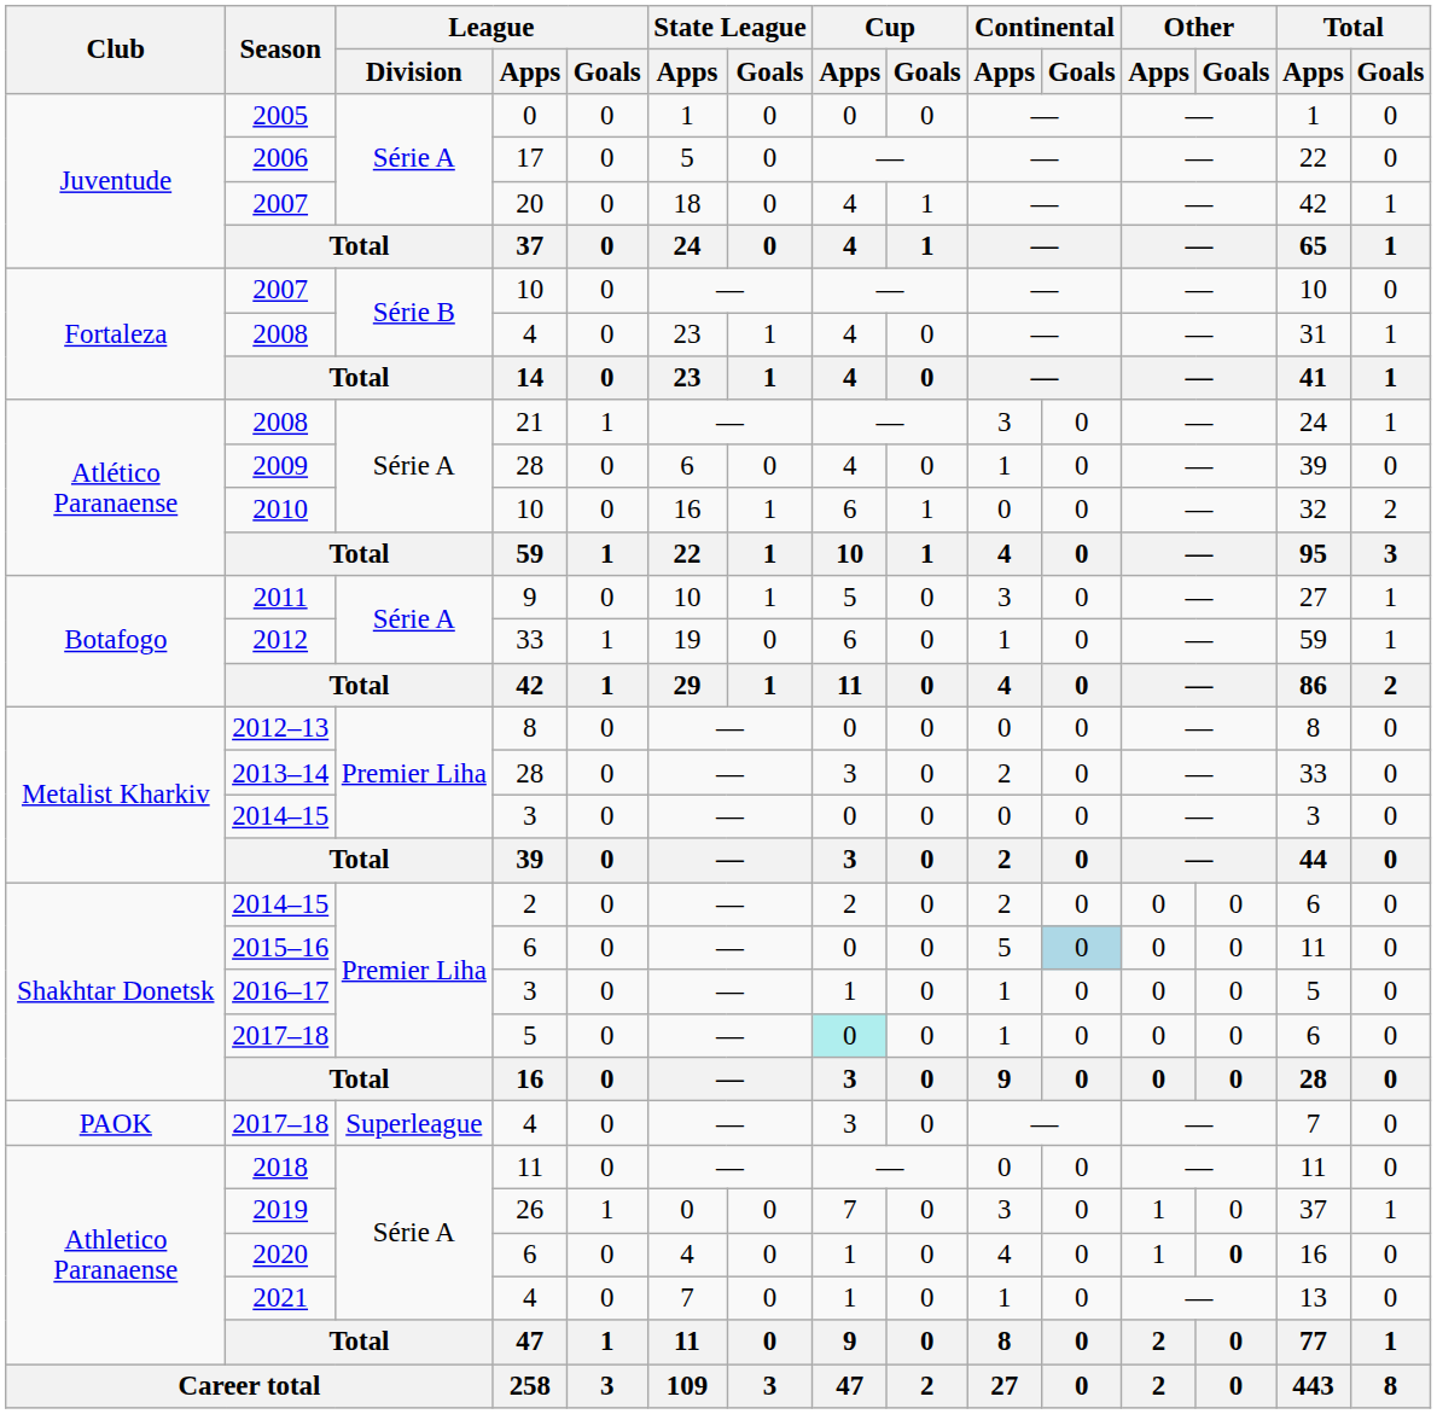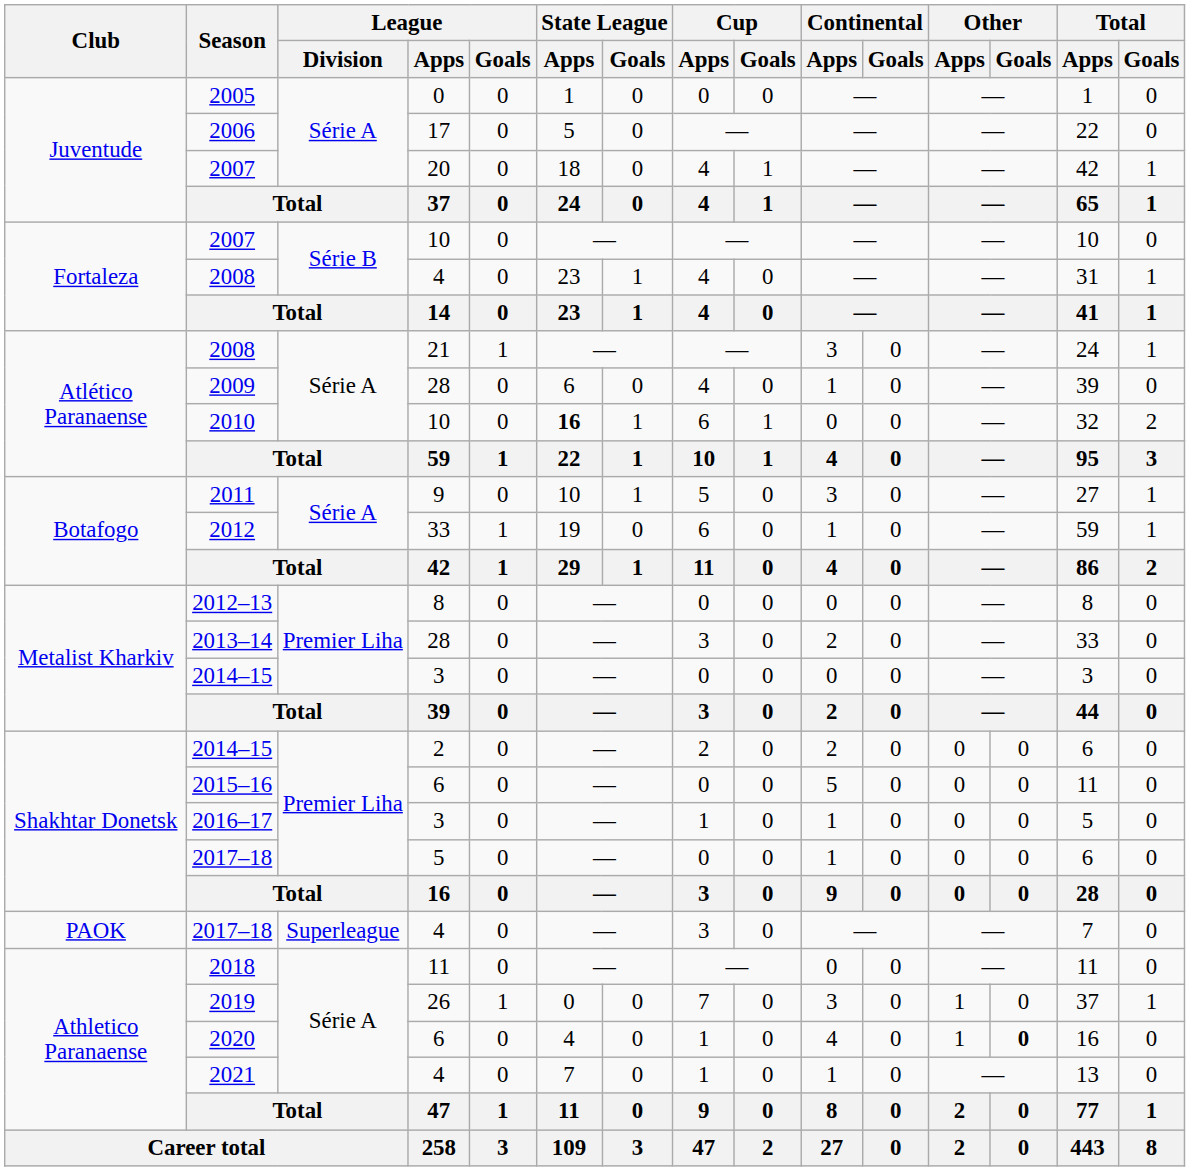 <table class="wikitable" style="text-align:center">
 <tr>
 <th rowspan="2" style="width:120px;">Club</th>
 <th rowspan="2">Season</th>
 <th colspan="3">League</th>
 <th colspan="2">State League</th>
 <th colspan="2">Cup</th>
 <th colspan="2">Continental</th>
 <th colspan="2">Other</th>
 <th colspan="2">Total</th>
 </tr>
 <tr>
 <th>Division</th>
 <th>Apps</th>
 <th>Goals</th>
 <th>Apps</th>
 <th>Goals</th>
 <th>Apps</th>
 <th>Goals</th>
 <th>Apps</th>
 <th>Goals</th>
 <th>Apps</th>
 <th>Goals</th>
 <th>Apps</th>
 <th>Goals</th>
 </tr>
 <tr>
 <td rowspan="4"><a href='#'>Juventude</a></td>
 <td><a href='#'>2005</a></td>
 <td rowspan="3"><a href='#'>Série A</a></td>
 <td>0</td>
 <td>0</td>
 <td>1</td>
 <td>0</td>
 <td>0</td>
 <td>0</td>
 <td colspan="2">—</td>
 <td colspan="2">—</td>
 <td>1</td>
 <td>0</td>
 </tr>
 <tr>
 <td><a href='#'>2006</a></td>
 <td>17</td>
 <td>0</td>
 <td>5</td>
 <td>0</td>
 <td colspan="2">—</td>
 <td colspan="2">—</td>
 <td colspan="2">—</td>
 <td>22</td>
 <td>0</td>
 </tr>
 <tr>
 <td><a href='#'>2007</a></td>
 <td>20</td>
 <td>0</td>
 <td>18</td>
 <td>0</td>
 <td>4</td>
 <td>1</td>
 <td colspan="2">—</td>
 <td colspan="2">—</td>
 <td>42</td>
 <td>1</td>
 </tr>
 <tr>
 <th colspan="2">Total</th>
 <th>37</th>
 <th>0</th>
 <th>24</th>
 <th>0</th>
 <th>4</th>
 <th>1</th>
 <th colspan="2">—</th>
 <th colspan="2">—</th>
 <th>65</th>
 <th>1</th>
 </tr>
 <tr>
 <td rowspan="3"><a href='#'>Fortaleza</a></td>
 <td><a href='#'>2007</a></td>
 <td rowspan="2"><a href='#'>Série B</a></td>
 <td>10</td>
 <td>0</td>
 <td colspan="2">—</td>
 <td colspan="2">—</td>
 <td colspan="2">—</td>
 <td colspan="2">—</td>
 <td>10</td>
 <td>0</td>
 </tr>
 <tr>
 <td><a href='#'>2008</a></td>
 <td>4</td>
 <td>0</td>
 <td>23</td>
 <td>1</td>
 <td>4</td>
 <td>0</td>
 <td colspan="2">—</td>
 <td colspan="2">—</td>
 <td>31</td>
 <td>1</td>
 </tr>
 <tr>
 <th colspan="2">Total</th>
 <th>14</th>
 <th>0</th>
 <th>23</th>
 <th>1</th>
 <th>4</th>
 <th>0</th>
 <th colspan="2">—</th>
 <th colspan="2">—</th>
 <th>41</th>
 <th>1</th>
 </tr>
 <tr>
 <td rowspan="4"><a href='#'>Atlético Paranaense</a></td>
 <td><a href='#'>2008</a></td>
 <td rowspan="3">Série A</td>
 <td>21</td>
 <td>1</td>
 <td colspan="2">—</td>
 <td colspan="2">—</td>
 <td>3</td>
 <td>0</td>
 <td colspan="2">—</td>
 <td>24</td>
 <td>1</td>
 </tr>
 <tr>
 <td><a href='#'>2009</a></td>
 <td>28</td>
 <td>0</td>
 <td>6</td>
 <td>0</td>
 <td>4</td>
 <td>0</td>
 <td>1</td>
 <td>0</td>
 <td colspan="2">—</td>
 <td>39</td>
 <td>0</td>
 </tr>
 <tr>
 <td><a href='#'>2010</a></td>
 <td>10</td>
 <td>0</td>
-<td>16</td>
+<td><strong>16</strong></td>
 <td>1</td>
 <td>6</td>
 <td>1</td>
 <td>0</td>
 <td>0</td>
 <td colspan="2">—</td>
 <td>32</td>
 <td>2</td>
 </tr>
 <tr>
 <th colspan="2">Total</th>
 <th>59</th>
 <th>1</th>
 <th>22</th>
 <th>1</th>
 <th>10</th>
 <th>1</th>
 <th>4</th>
 <th>0</th>
 <th colspan="2">—</th>
 <th>95</th>
 <th>3</th>
 </tr>
 <tr>
 <td rowspan="3"><a href='#'>Botafogo</a></td>
 <td><a href='#'>2011</a></td>
 <td rowspan="2"><a href='#'>Série A</a></td>
 <td>9</td>
 <td>0</td>
 <td>10</td>
 <td>1</td>
 <td>5</td>
 <td>0</td>
 <td>3</td>
 <td>0</td>
 <td colspan="2">—</td>
 <td>27</td>
 <td>1</td>
 </tr>
 <tr>
 <td><a href='#'>2012</a></td>
 <td>33</td>
 <td>1</td>
 <td>19</td>
 <td>0</td>
 <td>6</td>
 <td>0</td>
 <td>1</td>
 <td>0</td>
 <td colspan="2">—</td>
 <td>59</td>
 <td>1</td>
 </tr>
 <tr>
 <th colspan="2">Total</th>
 <th>42</th>
 <th>1</th>
 <th>29</th>
 <th>1</th>
 <th>11</th>
 <th>0</th>
 <th>4</th>
 <th>0</th>
 <th colspan="2">—</th>
 <th>86</th>
 <th>2</th>
 </tr>
 <tr>
 <td rowspan="4"><a href='#'>Metalist Kharkiv</a></td>
 <td><a href='#'>2012–13</a></td>
 <td rowspan="3"><a href='#'>Premier Liha</a></td>
 <td>8</td>
 <td>0</td>
 <td colspan="2">—</td>
 <td>0</td>
 <td>0</td>
 <td>0</td>
 <td>0</td>
 <td colspan="2">—</td>
 <td>8</td>
 <td>0</td>
 </tr>
 <tr>
 <td><a href='#'>2013–14</a></td>
 <td>28</td>
 <td>0</td>
 <td colspan="2">—</td>
 <td>3</td>
 <td>0</td>
 <td>2</td>
 <td>0</td>
 <td colspan="2">—</td>
 <td>33</td>
 <td>0</td>
 </tr>
 <tr>
 <td><a href='#'>2014–15</a></td>
 <td>3</td>
 <td>0</td>
 <td colspan="2">—</td>
 <td>0</td>
 <td>0</td>
 <td>0</td>
 <td>0</td>
 <td colspan="2">—</td>
 <td>3</td>
 <td>0</td>
 </tr>
 <tr>
 <th colspan="2">Total</th>
 <th>39</th>
 <th>0</th>
 <th colspan="2">—</th>
 <th>3</th>
 <th>0</th>
 <th>2</th>
 <th>0</th>
 <th colspan="2">—</th>
 <th>44</th>
 <th>0</th>
 </tr>
 <tr>
 <td rowspan="5"><a href='#'>Shakhtar Donetsk</a></td>
 <td><a href='#'>2014–15</a></td>
 <td rowspan="4"><a href='#'>Premier Liha</a></td>
 <td>2</td>
 <td>0</td>
 <td colspan="2">—</td>
 <td>2</td>
 <td>0</td>
 <td>2</td>
 <td>0</td>
 <td>0</td>
 <td>0</td>
 <td>6</td>
 <td>0</td>
 </tr>
 <tr>
 <td><a href='#'>2015–16</a></td>
 <td>6</td>
 <td>0</td>
 <td colspan="2">—</td>
 <td>0</td>
 <td>0</td>
 <td>5</td>
-<td style="background: lightblue;">0</td>
+<td>0</td>
 <td>0</td>
 <td>0</td>
 <td>11</td>
 <td>0</td>
 </tr>
 <tr>
 <td><a href='#'>2016–17</a></td>
 <td>3</td>
 <td>0</td>
 <td colspan="2">—</td>
 <td>1</td>
 <td>0</td>
 <td>1</td>
 <td>0</td>
 <td>0</td>
 <td>0</td>
 <td>5</td>
 <td>0</td>
 </tr>
 <tr>
 <td><a href='#'>2017–18</a></td>
 <td>5</td>
 <td>0</td>
 <td colspan="2">—</td>
-<td style="background: paleturquoise;">0</td>
+<td>0</td>
 <td>0</td>
 <td>1</td>
 <td>0</td>
 <td>0</td>
 <td>0</td>
 <td>6</td>
 <td>0</td>
 </tr>
 <tr>
 <th colspan="2">Total</th>
 <th>16</th>
 <th>0</th>
 <th colspan="2">—</th>
 <th>3</th>
 <th>0</th>
 <th>9</th>
 <th>0</th>
 <th>0</th>
 <th>0</th>
 <th>28</th>
 <th>0</th>
 </tr>
 <tr>
 <td><a href='#'>PAOK</a></td>
 <td><a href='#'>2017–18</a></td>
 <td><a href='#'>Superleague</a></td>
 <td>4</td>
 <td>0</td>
 <td colspan="2">—</td>
 <td>3</td>
 <td>0</td>
 <td colspan="2">—</td>
 <td colspan="2">—</td>
 <td>7</td>
 <td>0</td>
 </tr>
 <tr>
 <td rowspan="5"><a href='#'>Athletico Paranaense</a></td>
 <td><a href='#'>2018</a></td>
 <td rowspan="4">Série A</td>
 <td>11</td>
 <td>0</td>
 <td colspan="2">—</td>
 <td colspan="2">—</td>
 <td>0</td>
 <td>0</td>
 <td colspan="2">—</td>
 <td>11</td>
 <td>0</td>
 </tr>
 <tr>
 <td><a href='#'>2019</a></td>
 <td>26</td>
 <td>1</td>
 <td>0</td>
 <td>0</td>
 <td>7</td>
 <td>0</td>
 <td>3</td>
 <td>0</td>
 <td>1</td>
 <td>0</td>
 <td>37</td>
 <td>1</td>
 </tr>
 <tr>
 <td><a href='#'>2020</a></td>
 <td>6</td>
 <td>0</td>
 <td>4</td>
 <td>0</td>
 <td>1</td>
 <td>0</td>
 <td>4</td>
 <td>0</td>
 <td>1</td>
 <td><strong>0</strong></td>
 <td>16</td>
 <td>0</td>
 </tr>
 <tr>
 <td><a href='#'>2021</a></td>
 <td>4</td>
 <td>0</td>
 <td>7</td>
 <td>0</td>
 <td>1</td>
 <td>0</td>
 <td>1</td>
 <td>0</td>
 <td colspan="2">—</td>
 <td>13</td>
 <td>0</td>
 </tr>
 <tr>
 <th colspan="2">Total</th>
 <th>47</th>
 <th>1</th>
 <th>11</th>
 <th>0</th>
 <th>9</th>
 <th>0</th>
 <th>8</th>
 <th>0</th>
 <th>2</th>
 <th>0</th>
 <th>77</th>
 <th>1</th>
 </tr>
 <tr>
 <th colspan="3">Career total</th>
 <th>258</th>
 <th>3</th>
 <th>109</th>
 <th>3</th>
 <th>47</th>
 <th>2</th>
 <th>27</th>
 <th>0</th>
 <th>2</th>
 <th>0</th>
 <th>443</th>
 <th>8</th>
 </tr>
 </table>
